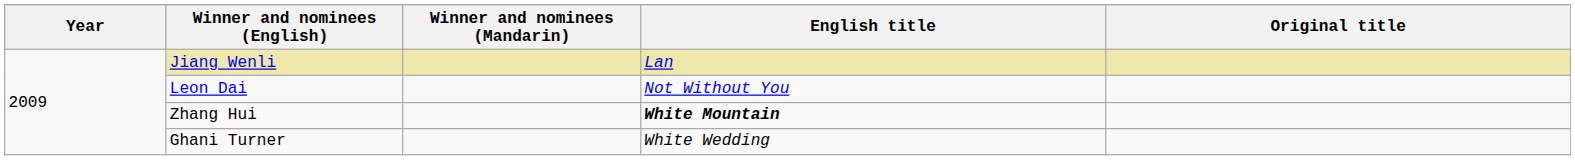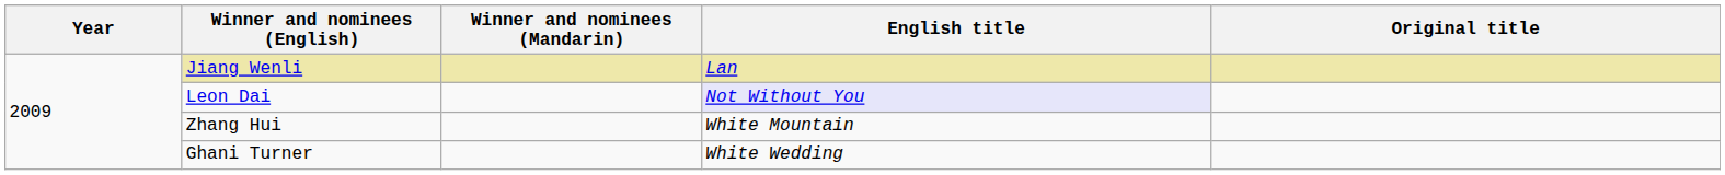 <table class="wikitable" style="width:100%;">
 <tr style="background:#bebebe">
 <th width="100"><strong>Year</strong></th>
 <th width="150"><strong>Winner and nominees<br>(English)</strong></th>
 <th width="150"><strong>Winner and nominees<br>(Mandarin)</strong></th>
 <th width="300"><strong>English title</strong></th>
 <th width="300"><strong>Original title</strong></th>
 </tr>
 <tr>
 <td rowspan="4">2009</td>
 <td style="background:#EEE8AA;"><a href='#'>Jiang Wenli</a></td>
 <td style="background:#EEE8AA;"></td>
 <td style="background:#EEE8AA;"><em><a href='#'>Lan</a></em></td>
 <td style="background:#EEE8AA;"></td>
 </tr>
 <tr>
 <td><a href='#'>Leon Dai</a></td>
 <td></td>
-<td><em><a href='#'>Not Without You</a></em></td>
+<td style="background: lavender;"><em><a href='#'>Not Without You</a></em></td>
 <td></td>
 </tr>
 <tr>
 <td>Zhang Hui</td>
 <td></td>
-<td><strong><em>White Mountain</em></strong></td>
+<td><em>White Mountain</em></td>
 <td></td>
 </tr>
 <tr>
 <td>Ghani Turner</td>
 <td></td>
 <td><em>White Wedding</em></td>
 <td></td>
 </tr>
 </table>
